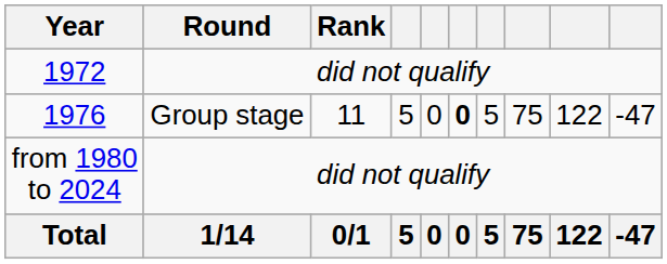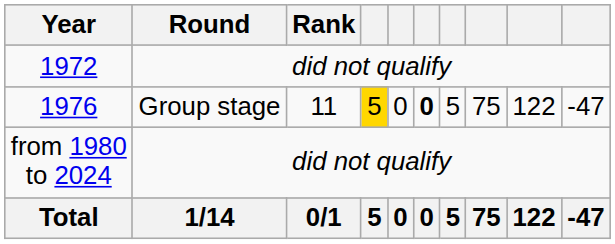 <table class="wikitable" style="text-align: center;">
 <tr>
 <th>Year</th>
 <th>Round</th>
 <th>Rank</th>
 <th></th>
 <th></th>
 <th></th>
 <th></th>
 <th></th>
 <th></th>
 <th></th>
 </tr>
 <tr>
 <td> <a href='#'>1972</a></td>
 <td colspan="9"><em>did not qualify</em></td>
 </tr>
 <tr>
 <td> <a href='#'>1976</a></td>
 <td>Group stage</td>
 <td>11</td>
-<td>5</td>
+<td style="background: gold;">5</td>
 <td>0</td>
 <td><strong>0</strong></td>
 <td>5</td>
 <td>75</td>
 <td>122</td>
 <td>-47</td>
 </tr>
 <tr>
 <td>from <a href='#'>1980</a><br>to <a href='#'>2024</a></td>
 <td colspan="9"><em>did not qualify</em></td>
 </tr>
 <tr>
 <th>Total</th>
 <th>1/14</th>
 <th>0/1</th>
 <th>5</th>
 <th>0</th>
 <th>0</th>
 <th>5</th>
 <th>75</th>
 <th>122</th>
 <th>-47</th>
 </tr>
 </table>
